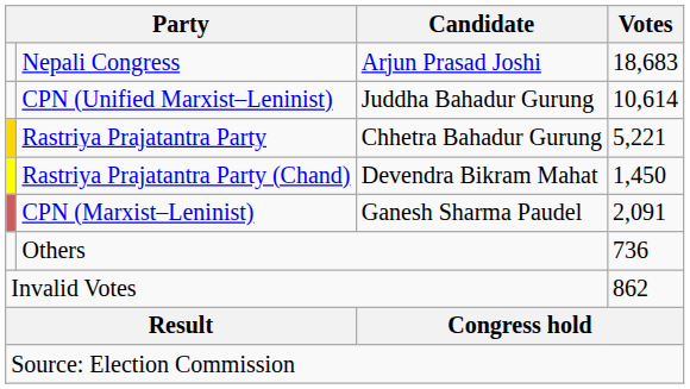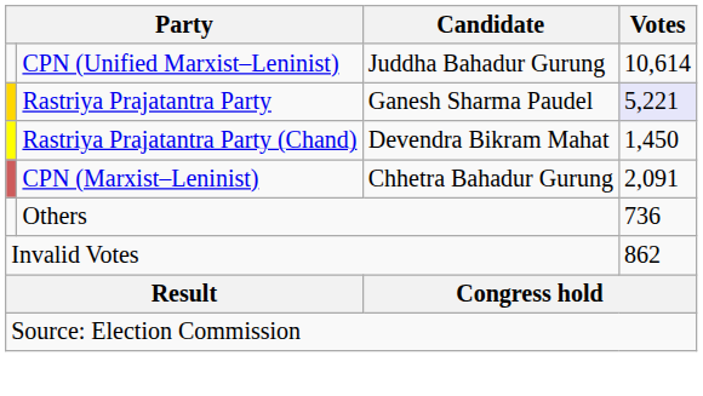 <table class="wikitable">
 <tr>
 <th colspan="2">Party</th>
 <th>Candidate</th>
 <th>Votes</th>
-</tr>
-<tr>
-<td style="background-color:"></td>
-<td><a href='#'>Nepali Congress</a></td>
-<td><a href='#'>Arjun Prasad Joshi</a></td>
-<td>18,683</td>
 </tr>
 <tr>
 <td style="background-color:"></td>
 <td><a href='#'>CPN (Unified Marxist–Leninist)</a></td>
 <td>Juddha Bahadur Gurung</td>
 <td>10,614</td>
 </tr>
 <tr>
 <td style="background-color:gold"></td>
 <td><a href='#'>Rastriya Prajatantra Party</a></td>
-<td>Chhetra Bahadur Gurung</td>
-<td>5,221</td>
+<td>Ganesh Sharma Paudel</td>
+<td style="background: lavender;">5,221</td>
 </tr>
 <tr>
 <td style="background-color:yellow"></td>
 <td><a href='#'>Rastriya Prajatantra Party (Chand)</a></td>
 <td>Devendra Bikram Mahat</td>
 <td>1,450</td>
 </tr>
 <tr>
 <td style="background-color:indianred"></td>
 <td><a href='#'>CPN (Marxist–Leninist)</a></td>
-<td>Ganesh Sharma Paudel</td>
+<td>Chhetra Bahadur Gurung</td>
 <td>2,091</td>
 </tr>
 <tr>
 <td></td>
 <td colspan="2">Others</td>
 <td>736</td>
 </tr>
 <tr>
 <td colspan="3">Invalid Votes</td>
 <td>862</td>
 </tr>
 <tr>
 <th colspan="2">Result</th>
 <th colspan="2">Congress hold</th>
 </tr>
 <tr>
 <td colspan="4">Source: Election Commission</td>
 </tr>
 </table>
